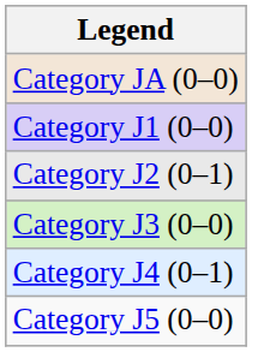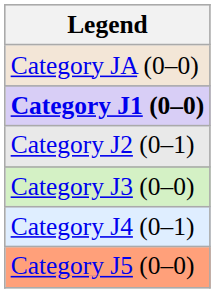 <table class="sortable wikitable">
 <tr>
 <th>Legend</th>
 </tr>
 <tr bgcolor="F3E6D7">
 <td><a href='#'>Category JA</a> (0–0)</td>
 </tr>
 <tr bgcolor="d8cef6">
-<td><a href='#'>Category J1</a> (0–0)</td>
+<td><strong><a href='#'>Category J1</a> (0–0)</strong></td>
 </tr>
 <tr bgcolor="e9e9e9">
 <td><a href='#'>Category J2</a> (0–1)</td>
 </tr>
 <tr bgcolor="D4F1C5">
 <td><a href='#'>Category J3</a> (0–0)</td>
 </tr>
 <tr bgcolor="dfeeff">
 <td><a href='#'>Category J4</a> (0–1)</td>
 </tr>
 <tr>
-<td><a href='#'>Category J5</a> (0–0)</td>
+<td style="background: lightsalmon;"><a href='#'>Category J5</a> (0–0)</td>
 </tr>
 </table>
